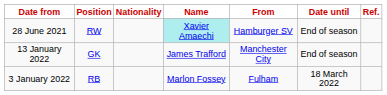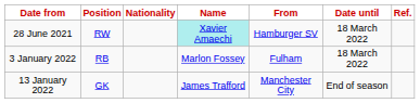 <table class="wikitable"  style="text-align:center; font-size:90%; ">
 <tr>
 <th style="background:#ffffff;color:#cc0000;">Date from</th>
 <th style="background:#ffffff;color:#cc0000;">Position</th>
 <th style="background:#ffffff;color:#cc0000;">Nationality</th>
 <th style="background:#ffffff;color:#cc0000;">Name</th>
 <th style="background:#ffffff;color:#cc0000;">From</th>
 <th style="background:#ffffff;color:#cc0000;">Date until</th>
 <th style="background:#ffffff;color:#cc0000;">Ref.</th>
 </tr>
 <tr>
 <td>28 June 2021</td>
 <td><a href='#'>RW</a></td>
 <td></td>
 <td style="background: paleturquoise;"><a href='#'>Xavier Amaechi</a></td>
 <td> <a href='#'>Hamburger SV</a></td>
-<td>End of season</td>
+<td>18 March 2022</td>
+<td></td>
+</tr>
+<tr>
+<td>3 January 2022</td>
+<td><a href='#'>RB</a></td>
+<td></td>
+<td><a href='#'>Marlon Fossey</a></td>
+<td> <a href='#'>Fulham</a></td>
+<td>18 March 2022</td>
 <td></td>
 </tr>
 <tr>
 <td>13 January 2022</td>
 <td><a href='#'>GK</a></td>
 <td></td>
 <td><a href='#'>James Trafford</a></td>
 <td> <a href='#'>Manchester City</a></td>
 <td>End of season</td>
 <td></td>
 </tr>
-<tr>
-<td>3 January 2022</td>
-<td><a href='#'>RB</a></td>
-<td></td>
-<td><a href='#'>Marlon Fossey</a></td>
-<td> <a href='#'>Fulham</a></td>
-<td>18 March 2022</td>
-<td></td>
-</tr>
 </table>
